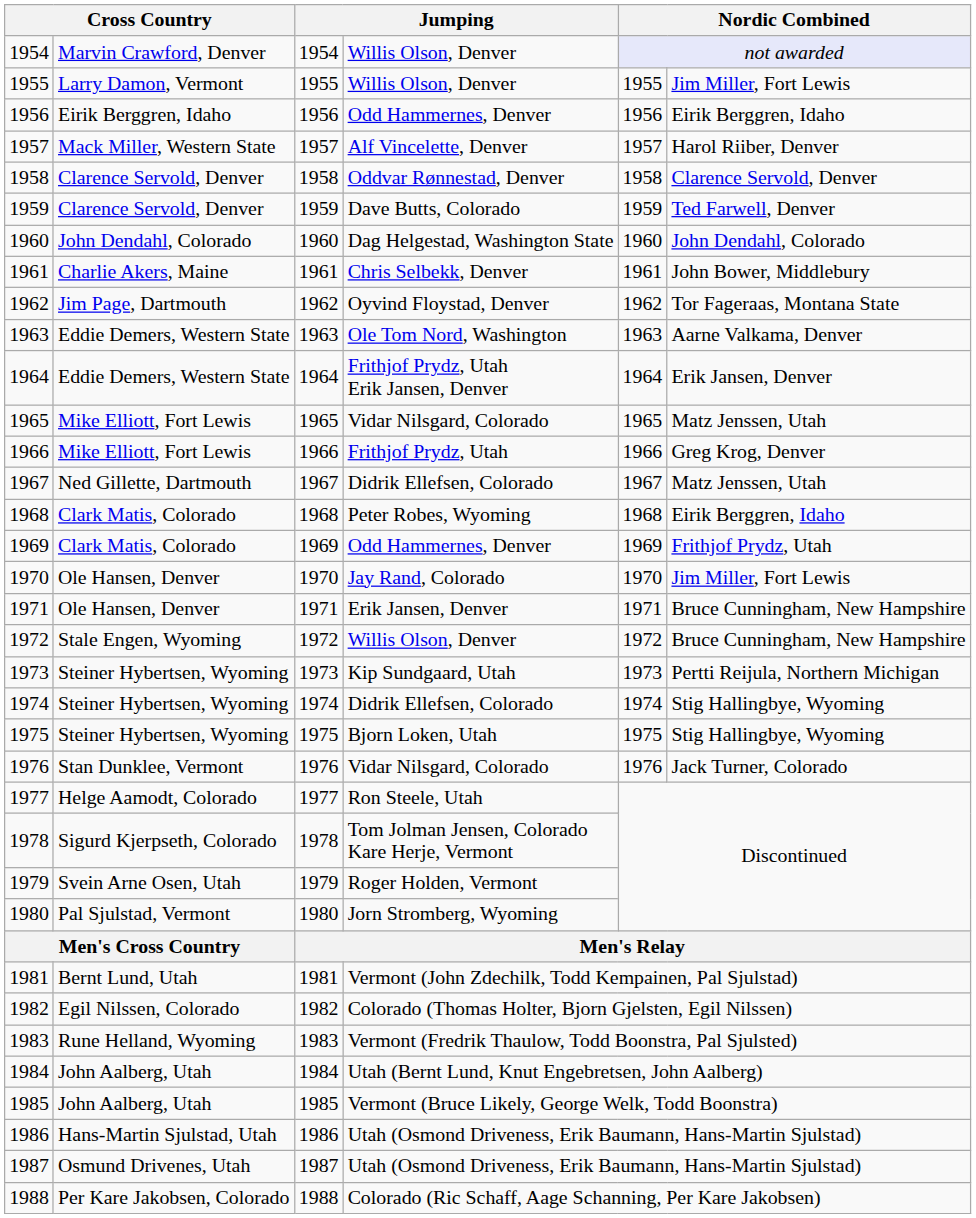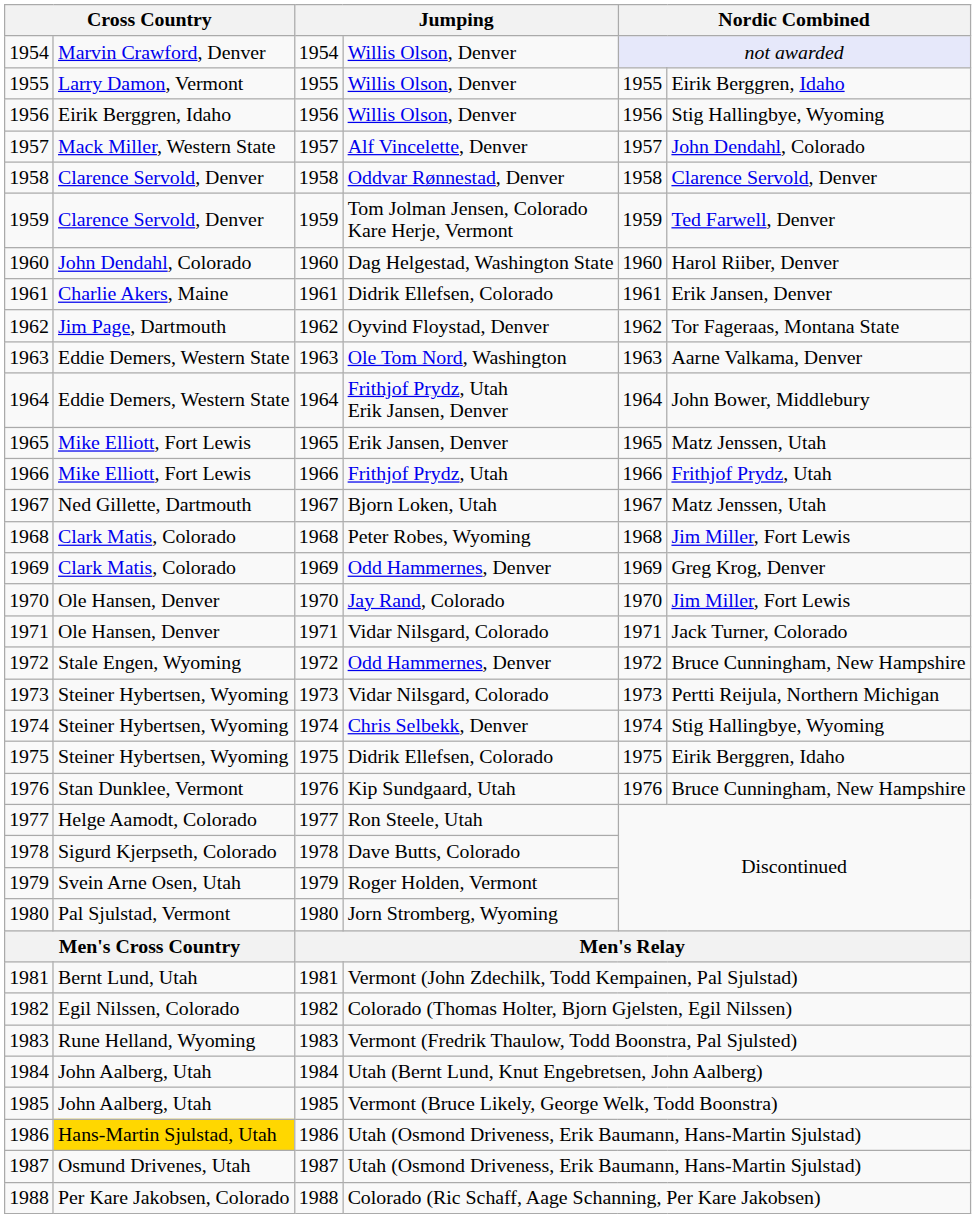 <table class="wikitable">
 <tr>
 <th colspan="2">Cross Country</th>
 <th colspan="2">Jumping</th>
 <th colspan="2">Nordic Combined</th>
 </tr>
 <tr>
 <td>1954</td>
 <td><a href='#'>Marvin Crawford</a>, Denver</td>
 <td>1954</td>
 <td><a href='#'>Willis Olson</a>, Denver</td>
 <td colspan="2" align=center bgcolor="E6E8FA"><em>not awarded</em></td>
 </tr>
 <tr>
 <td>1955</td>
 <td><a href='#'>Larry Damon</a>, Vermont</td>
 <td>1955</td>
 <td><a href='#'>Willis Olson</a>, Denver</td>
 <td>1955</td>
-<td><a href='#'>Jim Miller</a>, Fort Lewis</td>
+<td>Eirik Berggren, <a href='#'>Idaho</a></td>
 </tr>
 <tr>
 <td>1956</td>
 <td>Eirik Berggren, Idaho</td>
 <td>1956</td>
-<td><a href='#'>Odd Hammernes</a>, Denver</td>
+<td><a href='#'>Willis Olson</a>, Denver</td>
 <td>1956</td>
-<td>Eirik Berggren, Idaho</td>
+<td>Stig Hallingbye, Wyoming</td>
 </tr>
 <tr>
 <td>1957</td>
 <td><a href='#'>Mack Miller</a>, Western State</td>
 <td>1957</td>
 <td><a href='#'>Alf Vincelette</a>, Denver</td>
 <td>1957</td>
-<td>Harol Riiber, Denver</td>
+<td><a href='#'>John Dendahl</a>, Colorado</td>
 </tr>
 <tr>
 <td>1958</td>
 <td><a href='#'>Clarence Servold</a>, Denver</td>
 <td>1958</td>
 <td><a href='#'>Oddvar Rønnestad</a>, Denver</td>
 <td>1958</td>
 <td><a href='#'>Clarence Servold</a>, Denver</td>
 </tr>
 <tr>
 <td>1959</td>
 <td><a href='#'>Clarence Servold</a>, Denver</td>
 <td>1959</td>
-<td>Dave Butts, Colorado</td>
+<td>Tom Jolman Jensen, Colorado<br>Kare Herje, Vermont</td>
 <td>1959</td>
 <td><a href='#'>Ted Farwell</a>, Denver</td>
 </tr>
 <tr>
 <td>1960</td>
 <td><a href='#'>John Dendahl</a>, Colorado</td>
 <td>1960</td>
 <td>Dag Helgestad, Washington State</td>
 <td>1960</td>
-<td><a href='#'>John Dendahl</a>, Colorado</td>
+<td>Harol Riiber, Denver</td>
 </tr>
 <tr>
 <td>1961</td>
 <td><a href='#'>Charlie Akers</a>, Maine</td>
 <td>1961</td>
-<td><a href='#'>Chris Selbekk</a>, Denver</td>
+<td>Didrik Ellefsen, Colorado</td>
 <td>1961</td>
-<td>John Bower, Middlebury</td>
+<td>Erik Jansen, Denver</td>
 </tr>
 <tr>
 <td>1962</td>
 <td><a href='#'>Jim Page</a>, Dartmouth</td>
 <td>1962</td>
 <td>Oyvind Floystad, Denver</td>
 <td>1962</td>
 <td>Tor Fageraas, Montana State</td>
 </tr>
 <tr>
 <td>1963</td>
 <td>Eddie Demers, Western State</td>
 <td>1963</td>
 <td><a href='#'>Ole Tom Nord</a>, Washington</td>
 <td>1963</td>
 <td>Aarne Valkama, Denver</td>
 </tr>
 <tr>
 <td>1964</td>
 <td>Eddie Demers, Western State</td>
 <td>1964</td>
 <td><a href='#'>Frithjof Prydz</a>, Utah<br>Erik Jansen, Denver</td>
 <td>1964</td>
-<td>Erik Jansen, Denver</td>
+<td>John Bower, Middlebury</td>
 </tr>
 <tr>
 <td>1965</td>
 <td><a href='#'>Mike Elliott</a>, Fort Lewis</td>
 <td>1965</td>
-<td>Vidar Nilsgard, Colorado</td>
+<td>Erik Jansen, Denver</td>
 <td>1965</td>
 <td>Matz Jenssen, Utah</td>
 </tr>
 <tr>
 <td>1966</td>
 <td><a href='#'>Mike Elliott</a>, Fort Lewis</td>
 <td>1966</td>
 <td><a href='#'>Frithjof Prydz</a>, Utah</td>
 <td>1966</td>
-<td>Greg Krog, Denver</td>
+<td><a href='#'>Frithjof Prydz</a>, Utah</td>
 </tr>
 <tr>
 <td>1967</td>
 <td>Ned Gillette, Dartmouth</td>
 <td>1967</td>
-<td>Didrik Ellefsen, Colorado</td>
+<td>Bjorn Loken, Utah</td>
 <td>1967</td>
 <td>Matz Jenssen, Utah</td>
 </tr>
 <tr>
 <td>1968</td>
 <td><a href='#'>Clark Matis</a>, Colorado</td>
 <td>1968</td>
 <td>Peter Robes, Wyoming</td>
 <td>1968</td>
-<td>Eirik Berggren, <a href='#'>Idaho</a></td>
+<td><a href='#'>Jim Miller</a>, Fort Lewis</td>
 </tr>
 <tr>
 <td>1969</td>
 <td><a href='#'>Clark Matis</a>, Colorado</td>
 <td>1969</td>
 <td><a href='#'>Odd Hammernes</a>, Denver</td>
 <td>1969</td>
-<td><a href='#'>Frithjof Prydz</a>, Utah</td>
+<td>Greg Krog, Denver</td>
 </tr>
 <tr>
 <td>1970</td>
 <td>Ole Hansen, Denver</td>
 <td>1970</td>
 <td><a href='#'>Jay Rand</a>, Colorado</td>
 <td>1970</td>
 <td><a href='#'>Jim Miller</a>, Fort Lewis</td>
 </tr>
 <tr>
 <td>1971</td>
 <td>Ole Hansen, Denver</td>
 <td>1971</td>
-<td>Erik Jansen, Denver</td>
+<td>Vidar Nilsgard, Colorado</td>
 <td>1971</td>
-<td>Bruce Cunningham, New Hampshire</td>
+<td>Jack Turner, Colorado</td>
 </tr>
 <tr>
 <td>1972</td>
 <td>Stale Engen, Wyoming</td>
 <td>1972</td>
-<td><a href='#'>Willis Olson</a>, Denver</td>
+<td><a href='#'>Odd Hammernes</a>, Denver</td>
 <td>1972</td>
 <td>Bruce Cunningham, New Hampshire</td>
 </tr>
 <tr>
 <td>1973</td>
 <td>Steiner Hybertsen, Wyoming</td>
 <td>1973</td>
-<td>Kip Sundgaard, Utah</td>
+<td>Vidar Nilsgard, Colorado</td>
 <td>1973</td>
 <td>Pertti Reijula, Northern Michigan</td>
 </tr>
 <tr>
 <td>1974</td>
 <td>Steiner Hybertsen, Wyoming</td>
 <td>1974</td>
-<td>Didrik Ellefsen, Colorado</td>
+<td><a href='#'>Chris Selbekk</a>, Denver</td>
 <td>1974</td>
 <td>Stig Hallingbye, Wyoming</td>
 </tr>
 <tr>
 <td>1975</td>
 <td>Steiner Hybertsen, Wyoming</td>
 <td>1975</td>
-<td>Bjorn Loken, Utah</td>
+<td>Didrik Ellefsen, Colorado</td>
 <td>1975</td>
-<td>Stig Hallingbye, Wyoming</td>
+<td>Eirik Berggren, Idaho</td>
 </tr>
 <tr>
 <td>1976</td>
 <td>Stan Dunklee, Vermont</td>
 <td>1976</td>
-<td>Vidar Nilsgard, Colorado</td>
+<td>Kip Sundgaard, Utah</td>
 <td>1976</td>
-<td>Jack Turner, Colorado</td>
+<td>Bruce Cunningham, New Hampshire</td>
 </tr>
 <tr>
 <td>1977</td>
 <td>Helge Aamodt, Colorado</td>
 <td>1977</td>
 <td>Ron Steele, Utah</td>
 <td colspan="3" rowspan=4 align=center>Discontinued</td>
 </tr>
 <tr>
 <td>1978</td>
 <td>Sigurd Kjerpseth, Colorado</td>
 <td>1978</td>
-<td>Tom Jolman Jensen, Colorado<br>Kare Herje, Vermont</td>
+<td>Dave Butts, Colorado</td>
 </tr>
 <tr>
 <td>1979</td>
 <td>Svein Arne Osen, Utah</td>
 <td>1979</td>
 <td>Roger Holden, Vermont</td>
 </tr>
 <tr>
 <td>1980</td>
 <td>Pal Sjulstad, Vermont</td>
 <td>1980</td>
 <td>Jorn Stromberg, Wyoming</td>
 </tr>
 <tr>
 <th colspan="2">Men's Cross Country</th>
 <th colspan="4">Men's Relay</th>
 </tr>
 <tr>
 <td>1981</td>
 <td>Bernt Lund, Utah</td>
 <td>1981</td>
 <td colspan="3">Vermont (John Zdechilk, Todd Kempainen, Pal Sjulstad)</td>
 </tr>
 <tr>
 <td>1982</td>
 <td>Egil Nilssen, Colorado</td>
 <td>1982</td>
 <td colspan="3">Colorado (Thomas Holter, Bjorn Gjelsten, Egil Nilssen)</td>
 </tr>
 <tr>
 <td>1983</td>
 <td>Rune Helland, Wyoming</td>
 <td>1983</td>
 <td colspan="3">Vermont (Fredrik Thaulow, Todd Boonstra, Pal Sjulsted)</td>
 </tr>
 <tr>
 <td>1984</td>
 <td>John Aalberg, Utah</td>
 <td>1984</td>
 <td colspan="3">Utah (Bernt Lund, Knut Engebretsen, John Aalberg)</td>
 </tr>
 <tr>
 <td>1985</td>
 <td>John Aalberg, Utah</td>
 <td>1985</td>
 <td colspan="3">Vermont (Bruce Likely, George Welk, Todd Boonstra)</td>
 </tr>
 <tr>
 <td>1986</td>
-<td>Hans-Martin Sjulstad, Utah</td>
+<td style="background: gold;">Hans-Martin Sjulstad, Utah</td>
 <td>1986</td>
 <td colspan="3">Utah (Osmond Driveness, Erik Baumann, Hans-Martin Sjulstad)</td>
 </tr>
 <tr>
 <td>1987</td>
 <td>Osmund Drivenes, Utah</td>
 <td>1987</td>
 <td colspan="3">Utah (Osmond Driveness, Erik Baumann, Hans-Martin Sjulstad)</td>
 </tr>
 <tr>
 <td>1988</td>
 <td>Per Kare Jakobsen, Colorado</td>
 <td>1988</td>
 <td colspan="3">Colorado (Ric Schaff, Aage Schanning, Per Kare Jakobsen)</td>
 </tr>
 </table>
